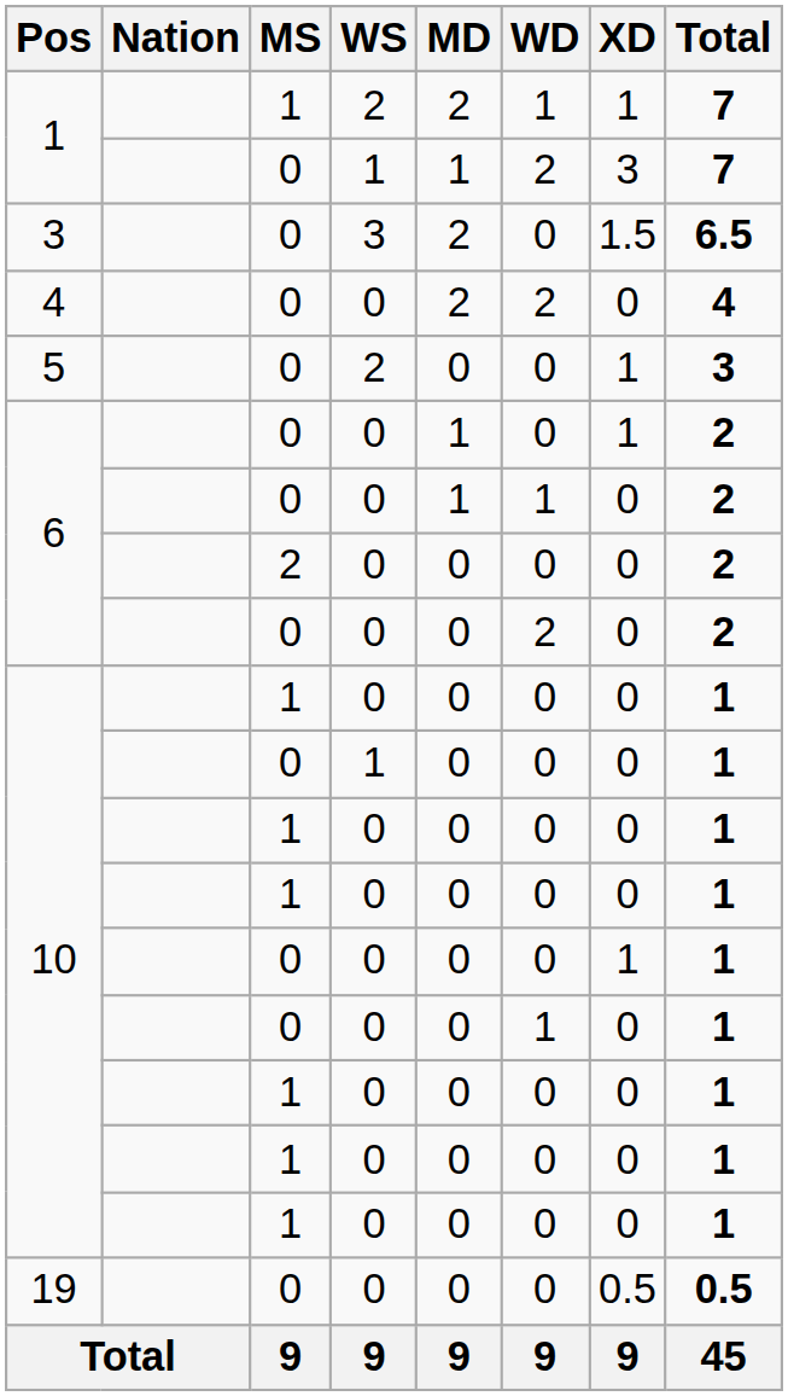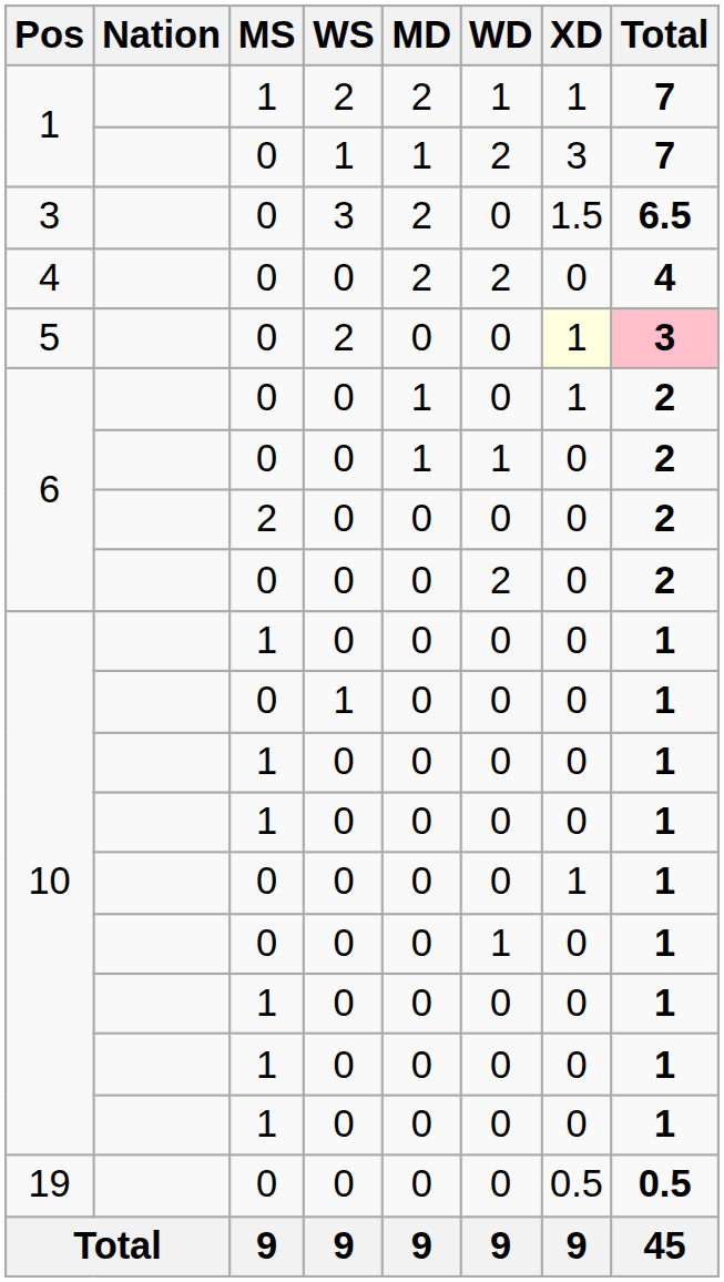 <table class="wikitable" style="text-align:center">
 <tr>
 <th>Pos</th>
 <th>Nation</th>
 <th>MS</th>
 <th>WS</th>
 <th>MD</th>
 <th>WD</th>
 <th>XD</th>
 <th>Total</th>
 </tr>
 <tr>
 <td rowspan="2">1</td>
 <td align="left"></td>
 <td>1</td>
 <td>2</td>
 <td>2</td>
 <td>1</td>
 <td>1</td>
 <td><strong>7</strong></td>
 </tr>
 <tr>
 <td align="left"></td>
 <td>0</td>
 <td>1</td>
 <td>1</td>
 <td>2</td>
 <td>3</td>
 <td><strong>7</strong></td>
 </tr>
 <tr>
 <td>3</td>
 <td align="left"></td>
 <td>0</td>
 <td>3</td>
 <td>2</td>
 <td>0</td>
 <td>1.5</td>
 <td><strong>6.5</strong></td>
 </tr>
 <tr>
 <td>4</td>
 <td align="left"></td>
 <td>0</td>
 <td>0</td>
 <td>2</td>
 <td>2</td>
 <td>0</td>
 <td><strong>4</strong></td>
 </tr>
 <tr>
 <td>5</td>
 <td align=left></td>
 <td>0</td>
 <td>2</td>
 <td>0</td>
 <td>0</td>
-<td>1</td>
-<td><strong>3</strong></td>
+<td style="background: lightyellow;">1</td>
+<td style="background: pink;"><strong>3</strong></td>
 </tr>
 <tr>
 <td rowspan="4">6</td>
 <td align=left></td>
 <td>0</td>
 <td>0</td>
 <td>1</td>
 <td>0</td>
 <td>1</td>
 <td><strong>2</strong></td>
 </tr>
 <tr>
 <td align=left></td>
 <td>0</td>
 <td>0</td>
 <td>1</td>
 <td>1</td>
 <td>0</td>
 <td><strong>2</strong></td>
 </tr>
 <tr>
 <td align="left"></td>
 <td>2</td>
 <td>0</td>
 <td>0</td>
 <td>0</td>
 <td>0</td>
 <td><strong>2</strong></td>
 </tr>
 <tr>
 <td align=left><strong></strong></td>
 <td>0</td>
 <td>0</td>
 <td>0</td>
 <td>2</td>
 <td>0</td>
 <td><strong>2</strong></td>
 </tr>
 <tr>
 <td rowspan="9">10</td>
 <td align="left"></td>
 <td>1</td>
 <td>0</td>
 <td>0</td>
 <td>0</td>
 <td>0</td>
 <td><strong>1</strong></td>
 </tr>
 <tr>
 <td align=left></td>
 <td>0</td>
 <td>1</td>
 <td>0</td>
 <td>0</td>
 <td>0</td>
 <td><strong>1</strong></td>
 </tr>
 <tr>
 <td align=left></td>
 <td>1</td>
 <td>0</td>
 <td>0</td>
 <td>0</td>
 <td>0</td>
 <td><strong>1</strong></td>
 </tr>
 <tr>
 <td align=left></td>
 <td>1</td>
 <td>0</td>
 <td>0</td>
 <td>0</td>
 <td>0</td>
 <td><strong>1</strong></td>
 </tr>
 <tr>
 <td align=left></td>
 <td>0</td>
 <td>0</td>
 <td>0</td>
 <td>0</td>
 <td>1</td>
 <td><strong>1</strong></td>
 </tr>
 <tr>
 <td align=left></td>
 <td>0</td>
 <td>0</td>
 <td>0</td>
 <td>1</td>
 <td>0</td>
 <td><strong>1</strong></td>
 </tr>
 <tr>
 <td align=left></td>
 <td>1</td>
 <td>0</td>
 <td>0</td>
 <td>0</td>
 <td>0</td>
 <td><strong>1</strong></td>
 </tr>
 <tr>
 <td align=left></td>
 <td>1</td>
 <td>0</td>
 <td>0</td>
 <td>0</td>
 <td>0</td>
 <td><strong>1</strong></td>
 </tr>
 <tr>
 <td align=left></td>
 <td>1</td>
 <td>0</td>
 <td>0</td>
 <td>0</td>
 <td>0</td>
 <td><strong>1</strong></td>
 </tr>
 <tr>
 <td>19</td>
 <td align="left"></td>
 <td>0</td>
 <td>0</td>
 <td>0</td>
 <td>0</td>
 <td>0.5</td>
 <td><strong>0.5</strong></td>
 </tr>
 <tr>
 <th colspan="2">Total</th>
 <th>9</th>
 <th>9</th>
 <th>9</th>
 <th>9</th>
 <th>9</th>
 <th>45</th>
 </tr>
 </table>
